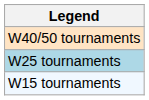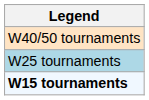 <table class=wikitable style="font-size:85%">
 <tr>
 <th>Legend</th>
 </tr>
 <tr style="background:#ffe4c4;">
 <td>W40/50 tournaments</td>
 </tr>
 <tr style="background:lightblue;">
 <td>W25 tournaments</td>
 </tr>
 <tr style="background:#f0f8ff;">
-<td>W15 tournaments</td>
+<td><strong>W15 tournaments</strong></td>
 </tr>
 </table>
